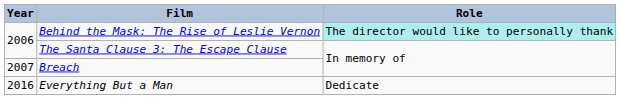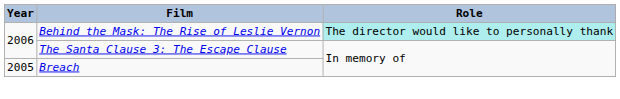 <table class="wikitable" style="font-size:95%;">
 <tr>
 <th style="background:#B0C4DE;">Year</th>
 <th style="background:#B0C4DE;">Film</th>
 <th style="background:#B0C4DE;">Role</th>
 </tr>
 <tr>
 <td rowspan=2>2006</td>
 <td><em><a href='#'>Behind the Mask: The Rise of Leslie Vernon</a></em></td>
 <td style="background: paleturquoise;">The director would like to personally thank</td>
 </tr>
 <tr>
 <td><em><a href='#'>The Santa Clause 3: The Escape Clause</a></em></td>
 <td rowspan=2>In memory of</td>
 </tr>
 <tr>
-<td>2007</td>
+<td>2005</td>
 <td><em><a href='#'>Breach</a></em></td>
 </tr>
-<tr>
-<td>2016</td>
-<td><em>Everything But a Man</em></td>
-<td>Dedicate</td>
-</tr>
 </table>
